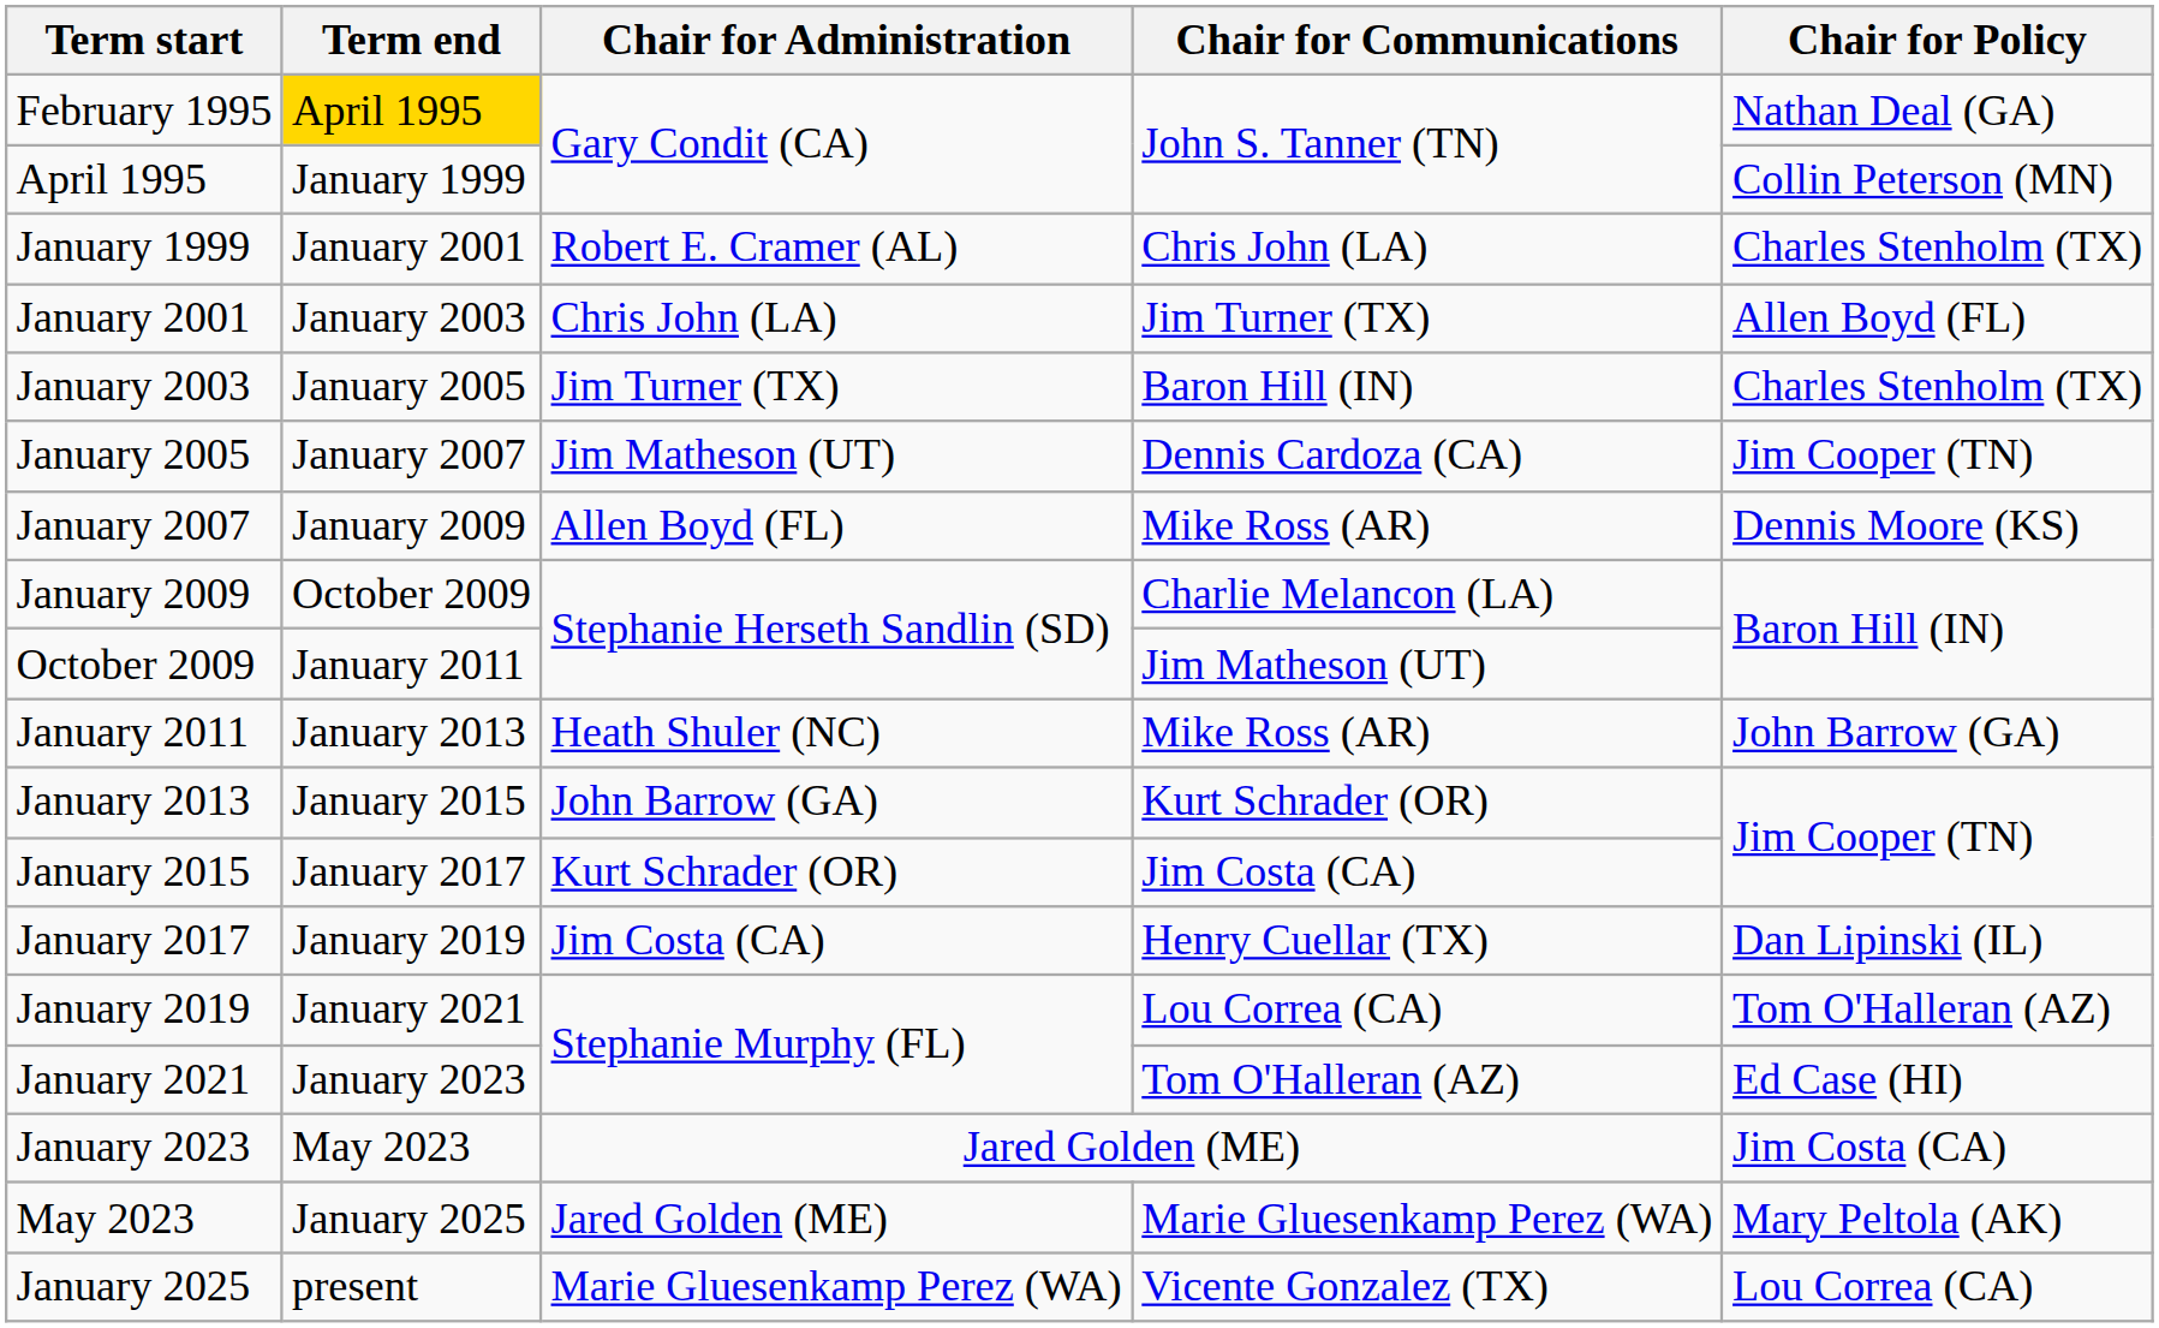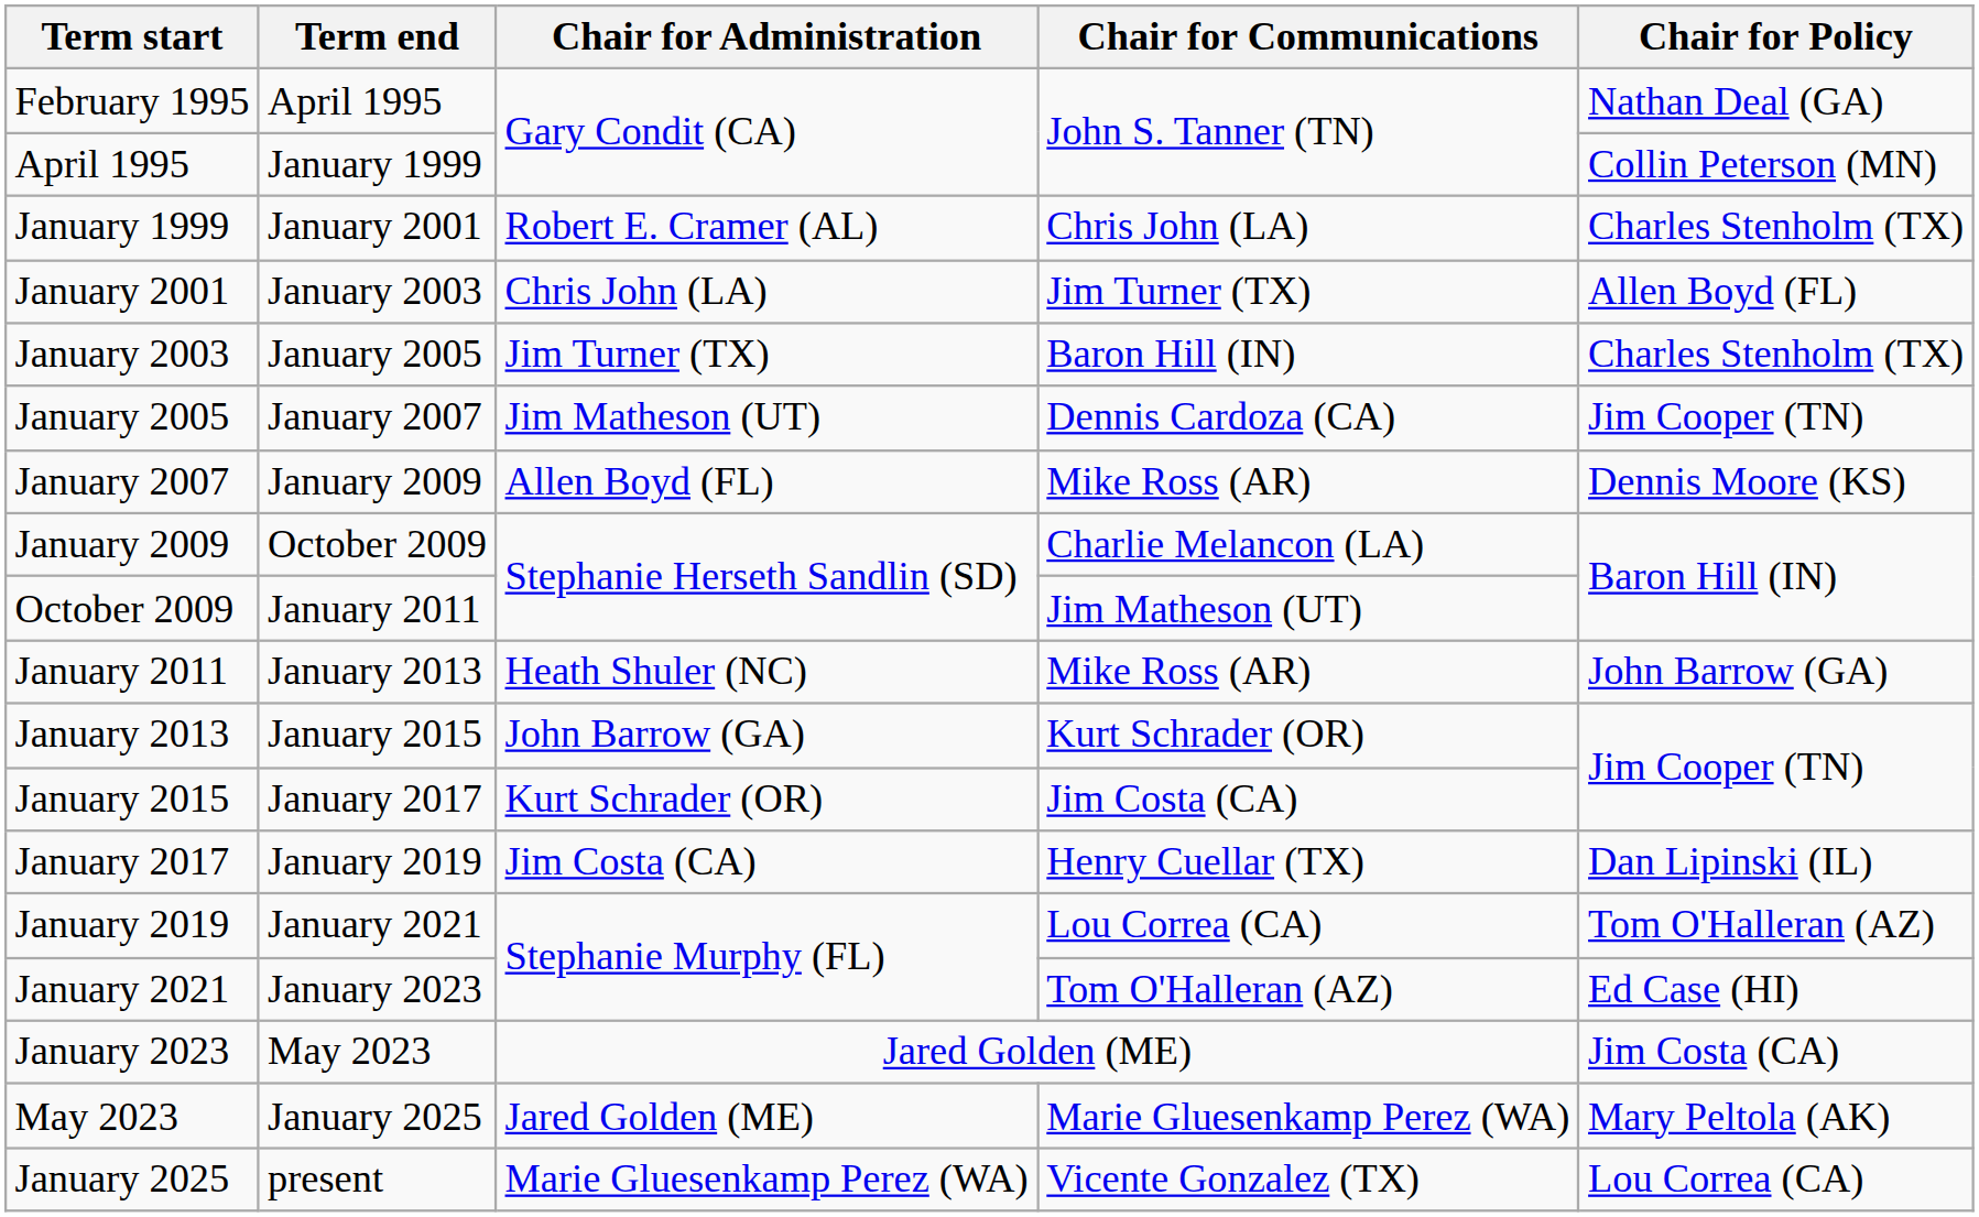 <table class="wikitable">
 <tr>
 <th scope="col">Term start</th>
 <th scope="col">Term end</th>
 <th scope="col">Chair for Administration</th>
 <th scope="col">Chair for Communications</th>
 <th scope="col">Chair for Policy</th>
 </tr>
 <tr>
 <td>February 1995</td>
-<td style="background: gold;">April 1995</td>
+<td>April 1995</td>
 <td rowspan=2><a href='#'>Gary Condit</a> (CA)</td>
 <td rowspan=2><a href='#'>John S. Tanner</a> (TN)</td>
 <td><a href='#'>Nathan Deal</a> (GA)</td>
 </tr>
 <tr>
 <td>April 1995</td>
 <td>January 1999</td>
 <td><a href='#'>Collin Peterson</a> (MN)</td>
 </tr>
 <tr>
 <td>January 1999</td>
 <td>January 2001</td>
 <td><a href='#'>Robert E. Cramer</a> (AL)</td>
 <td><a href='#'>Chris John</a> (LA)</td>
 <td><a href='#'>Charles Stenholm</a> (TX)</td>
 </tr>
 <tr>
 <td>January 2001</td>
 <td>January 2003</td>
 <td><a href='#'>Chris John</a> (LA)</td>
 <td><a href='#'>Jim Turner</a> (TX)</td>
 <td><a href='#'>Allen Boyd</a> (FL)</td>
 </tr>
 <tr>
 <td>January 2003</td>
 <td>January 2005</td>
 <td><a href='#'>Jim Turner</a> (TX)</td>
 <td><a href='#'>Baron Hill</a> (IN)</td>
 <td><a href='#'>Charles Stenholm</a> (TX)</td>
 </tr>
 <tr>
 <td>January 2005</td>
 <td>January 2007</td>
 <td><a href='#'>Jim Matheson</a> (UT)</td>
 <td><a href='#'>Dennis Cardoza</a> (CA)</td>
 <td><a href='#'>Jim Cooper</a> (TN)</td>
 </tr>
 <tr>
 <td>January 2007</td>
 <td>January 2009</td>
 <td><a href='#'>Allen Boyd</a> (FL)</td>
 <td><a href='#'>Mike Ross</a> (AR)</td>
 <td><a href='#'>Dennis Moore</a> (KS)</td>
 </tr>
 <tr>
 <td>January 2009</td>
 <td>October 2009</td>
 <td rowspan=2><a href='#'>Stephanie Herseth Sandlin</a> (SD)</td>
 <td><a href='#'>Charlie Melancon</a> (LA)</td>
 <td rowspan=2><a href='#'>Baron Hill</a> (IN)</td>
 </tr>
 <tr>
 <td>October 2009</td>
 <td>January 2011</td>
 <td><a href='#'>Jim Matheson</a> (UT)</td>
 </tr>
 <tr>
 <td>January 2011</td>
 <td>January 2013</td>
 <td><a href='#'>Heath Shuler</a> (NC)</td>
 <td><a href='#'>Mike Ross</a> (AR)</td>
 <td><a href='#'>John Barrow</a> (GA)</td>
 </tr>
 <tr>
 <td>January 2013</td>
 <td>January 2015</td>
 <td><a href='#'>John Barrow</a> (GA)</td>
 <td><a href='#'>Kurt Schrader</a> (OR)</td>
 <td rowspan=2><a href='#'>Jim Cooper</a> (TN)</td>
 </tr>
 <tr>
 <td>January 2015</td>
 <td>January 2017</td>
 <td><a href='#'>Kurt Schrader</a> (OR)</td>
 <td><a href='#'>Jim Costa</a> (CA)</td>
 </tr>
 <tr>
 <td>January 2017</td>
 <td>January 2019</td>
 <td><a href='#'>Jim Costa</a> (CA)</td>
 <td><a href='#'>Henry Cuellar</a> (TX)</td>
 <td><a href='#'>Dan Lipinski</a> (IL)</td>
 </tr>
 <tr>
 <td>January 2019</td>
 <td>January 2021</td>
 <td rowspan=2><a href='#'>Stephanie Murphy</a> (FL)</td>
 <td><a href='#'>Lou Correa</a> (CA)</td>
 <td><a href='#'>Tom O'Halleran</a> (AZ)</td>
 </tr>
 <tr>
 <td>January 2021</td>
 <td>January 2023</td>
 <td><a href='#'>Tom O'Halleran</a> (AZ)</td>
 <td><a href='#'>Ed Case</a> (HI)</td>
 </tr>
 <tr>
 <td>January 2023</td>
 <td>May 2023</td>
 <td colspan=2 align=center><a href='#'>Jared Golden</a> (ME)</td>
 <td><a href='#'>Jim Costa</a> (CA)</td>
 </tr>
 <tr>
 <td>May 2023</td>
 <td>January 2025</td>
 <td><a href='#'>Jared Golden</a> (ME)</td>
 <td><a href='#'>Marie Gluesenkamp Perez</a> (WA)</td>
 <td><a href='#'>Mary Peltola</a> (AK)</td>
 </tr>
 <tr>
 <td>January 2025</td>
 <td>present</td>
 <td><a href='#'>Marie Gluesenkamp Perez</a> (WA)</td>
 <td><a href='#'>Vicente Gonzalez</a> (TX)</td>
 <td><a href='#'>Lou Correa</a> (CA)</td>
 </tr>
 </table>
